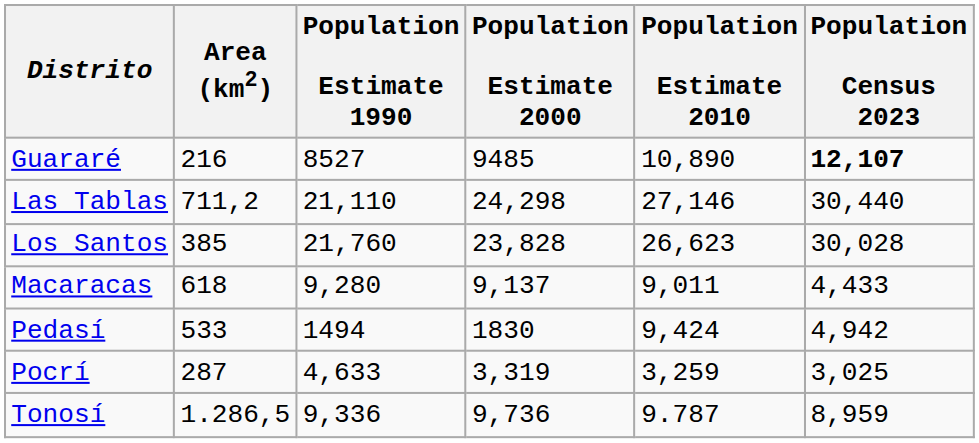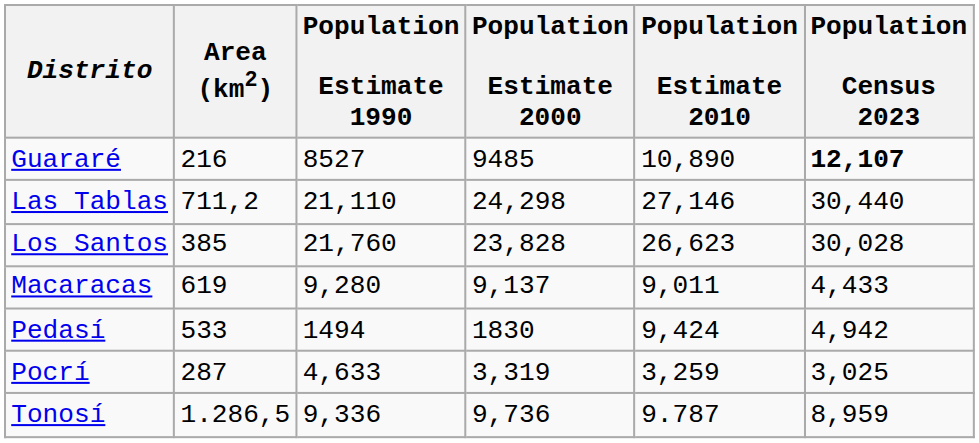 <table class="sortable wikitable col2right col3right col4right col5right col6right col7right">
 <tr>
 <th><em>Distrito</em></th>
 <th>Area<br>(km<sup>2</sup>)</th>
 <th>Population <br><br>Estimate<br>1990</th>
 <th>Population <br><br>Estimate<br>2000</th>
 <th>Population <br><br>Estimate<br>2010</th>
 <th>Population <br><br>Census<br> 2023</th>
 </tr>
 <tr>
 <td><a href='#'>Guararé</a></td>
 <td>216</td>
 <td>8527</td>
 <td>9485</td>
 <td>10,890</td>
 <td><strong>12,107</strong></td>
 </tr>
 <tr>
 <td><a href='#'>Las Tablas</a></td>
 <td>711,2</td>
 <td>21,110</td>
 <td>24,298</td>
 <td>27,146</td>
 <td>30,440</td>
 </tr>
 <tr>
 <td><a href='#'>Los Santos</a></td>
 <td>385</td>
 <td>21,760</td>
 <td>23,828</td>
 <td>26,623</td>
 <td>30,028</td>
 </tr>
 <tr>
 <td><a href='#'>Macaracas</a></td>
-<td>618</td>
+<td>619</td>
 <td>9,280</td>
 <td>9,137</td>
 <td>9,011</td>
 <td>4,433</td>
 </tr>
 <tr>
 <td><a href='#'>Pedasí</a></td>
 <td>533</td>
 <td>1494</td>
 <td>1830</td>
 <td>9,424</td>
 <td>4,942</td>
 </tr>
 <tr>
 <td><a href='#'>Pocrí</a></td>
 <td>287</td>
 <td>4,633</td>
 <td>3,319</td>
 <td>3,259</td>
 <td>3,025</td>
 </tr>
 <tr>
 <td><a href='#'>Tonosí</a></td>
 <td>1.286,5</td>
 <td>9,336</td>
 <td>9,736</td>
 <td>9.787</td>
 <td>8,959</td>
 </tr>
 </table>
